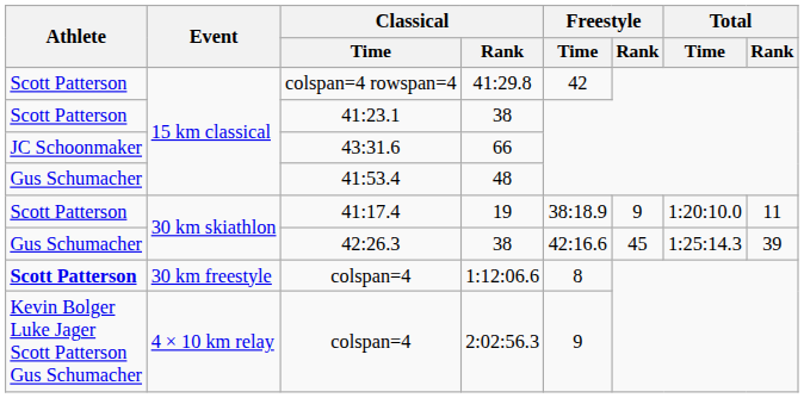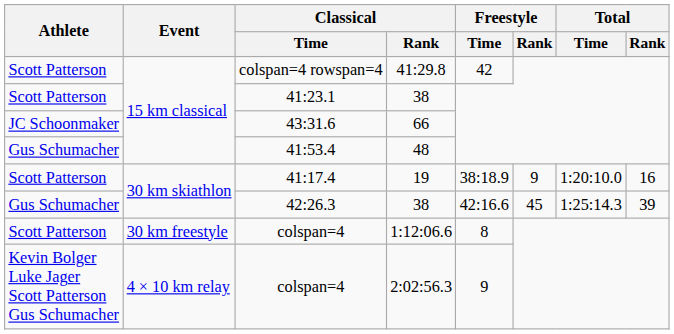 <table class=wikitable style=font-size:90%;text-align:center>
 <tr>
 <th rowspan=2>Athlete</th>
 <th rowspan=2>Event</th>
 <th colspan=2>Classical</th>
 <th colspan=2>Freestyle</th>
 <th colspan=2>Total</th>
 </tr>
 <tr style=font-size:95%>
 <th>Time</th>
 <th>Rank</th>
 <th>Time</th>
 <th>Rank</th>
 <th>Time</th>
 <th>Rank</th>
 </tr>
 <tr>
 <td align=left><a href='#'>Scott Patterson</a></td>
 <td align=left rowspan=4><a href='#'>15 km classical</a></td>
 <td>colspan=4 rowspan=4 </td>
 <td>41:29.8</td>
 <td>42</td>
 </tr>
 <tr>
 <td align=left><a href='#'>Scott Patterson</a></td>
 <td>41:23.1</td>
 <td>38</td>
 </tr>
 <tr>
 <td align=left><a href='#'>JC Schoonmaker</a></td>
 <td>43:31.6</td>
 <td>66</td>
 </tr>
 <tr>
 <td align=left><a href='#'>Gus Schumacher</a></td>
 <td>41:53.4</td>
 <td>48</td>
 </tr>
 <tr>
 <td align=left><a href='#'>Scott Patterson</a></td>
 <td align=left rowspan=2><a href='#'>30 km skiathlon</a></td>
 <td>41:17.4</td>
 <td>19</td>
 <td>38:18.9</td>
 <td>9</td>
 <td>1:20:10.0</td>
-<td>11</td>
+<td>16</td>
 </tr>
 <tr>
 <td align=left><a href='#'>Gus Schumacher</a></td>
 <td>42:26.3</td>
 <td>38</td>
 <td>42:16.6</td>
 <td>45</td>
 <td>1:25:14.3</td>
 <td>39</td>
 </tr>
 <tr>
-<td align=left><strong><a href='#'>Scott Patterson</a></strong></td>
+<td align=left><a href='#'>Scott Patterson</a></td>
 <td align=left><a href='#'>30 km freestyle</a></td>
 <td>colspan=4 </td>
 <td>1:12:06.6</td>
 <td>8</td>
 </tr>
 <tr>
 <td align=left><a href='#'>Kevin Bolger</a><br><a href='#'>Luke Jager</a><br><a href='#'>Scott Patterson</a><br><a href='#'>Gus Schumacher</a></td>
 <td align=left><a href='#'>4 × 10 km relay</a></td>
 <td>colspan=4 </td>
 <td>2:02:56.3</td>
 <td>9</td>
 </tr>
 </table>
